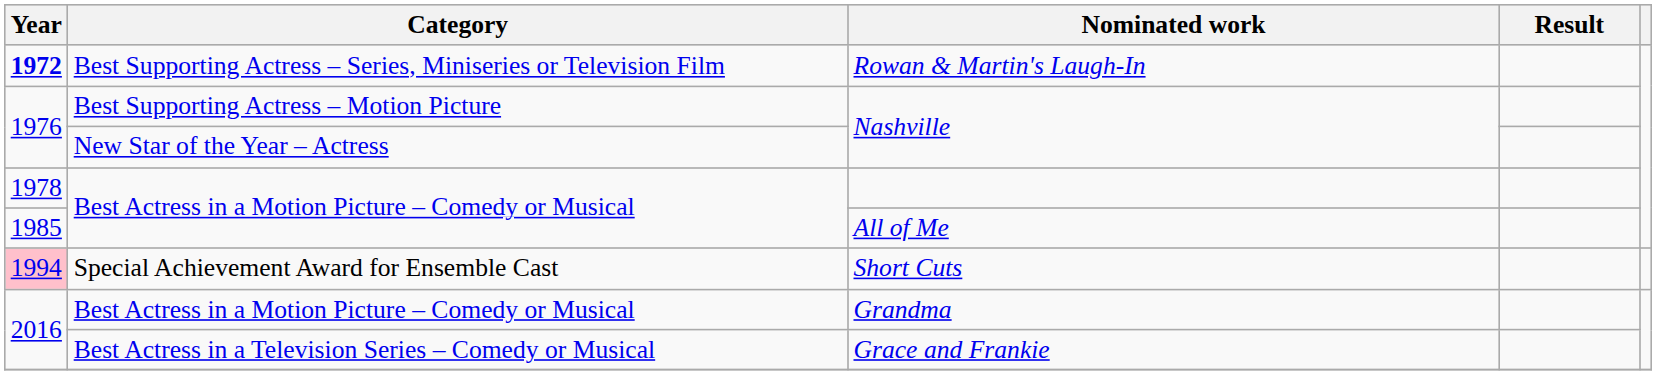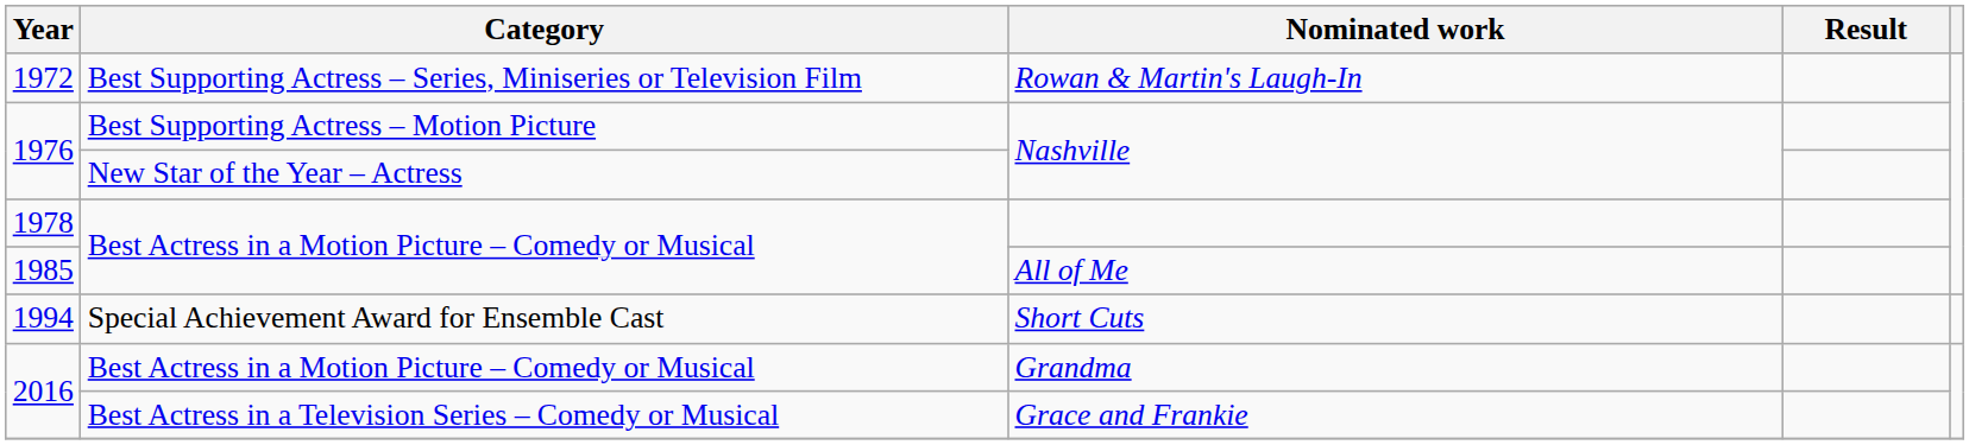 <table class=wikitable>
 <tr>
 <th scope="col" style="width:2em;">Year</th>
 <th scope="col" style="width:30em;">Category</th>
 <th scope="col" style="width:25em;">Nominated work</th>
 <th scope="col" style="width:5em;">Result</th>
 <th></th>
 </tr>
 <tr>
-<td style="text-align:center;"><strong><a href='#'>1972</a></strong></td>
+<td style="text-align:center;"><a href='#'>1972</a></td>
 <td><a href='#'>Best Supporting Actress – Series, Miniseries or Television Film</a></td>
 <td><em><a href='#'>Rowan & Martin's Laugh-In</a></em></td>
 <td></td>
 <td style="text-align:center;" rowspan="5"></td>
 </tr>
 <tr>
 <td style="text-align:center;", rowspan="2"><a href='#'>1976</a></td>
 <td><a href='#'>Best Supporting Actress – Motion Picture</a></td>
 <td rowspan="2"><em><a href='#'>Nashville</a></em></td>
 <td></td>
 </tr>
 <tr>
 <td><a href='#'>New Star of the Year – Actress</a></td>
 <td></td>
 </tr>
 <tr>
 <td style="text-align:center;"><a href='#'>1978</a></td>
 <td rowspan="2"><a href='#'>Best Actress in a Motion Picture – Comedy or Musical</a></td>
 <td></td>
 <td></td>
 </tr>
 <tr>
 <td style="text-align:center;"><a href='#'>1985</a></td>
 <td><em><a href='#'>All of Me</a></em></td>
 <td></td>
 </tr>
 <tr>
-<td style="background: pink; text-align:center;"><a href='#'>1994</a></td>
+<td style="text-align:center;"><a href='#'>1994</a></td>
 <td>Special Achievement Award for Ensemble Cast </td>
 <td><em><a href='#'>Short Cuts</a></em></td>
 <td></td>
 <td style="text-align:center;"></td>
 </tr>
 <tr>
 <td style="text-align:center;", rowspan="2"><a href='#'>2016</a></td>
 <td><a href='#'>Best Actress in a Motion Picture – Comedy or Musical</a></td>
 <td><em><a href='#'>Grandma</a></em></td>
 <td></td>
 <td style="text-align:center;" rowspan="2"></td>
 </tr>
 <tr>
 <td><a href='#'>Best Actress in a Television Series – Comedy or Musical</a></td>
 <td><em><a href='#'>Grace and Frankie</a></em></td>
 <td></td>
 </tr>
 <tr>
 </tr>
 </table>
